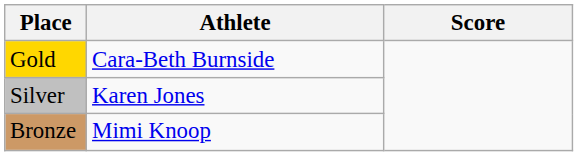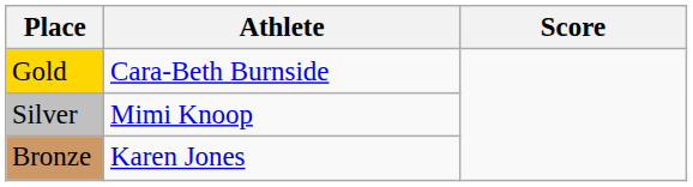 <table class="wikitable">
 <tr>
 <th width="50">Place</th>
 <th width="200">Athlete</th>
 <th width="125">Score</th>
 </tr>
 <tr>
 <td style="background:gold;">Gold</td>
 <td><a href='#'>Cara-Beth Burnside</a></td>
 </tr>
 <tr>
 <td style="background:silver;">Silver</td>
-<td><a href='#'>Karen Jones</a></td>
+<td><a href='#'>Mimi Knoop</a></td>
 </tr>
 <tr>
 <td style="background:#CC9966;">Bronze</td>
-<td><a href='#'>Mimi Knoop</a></td>
+<td><a href='#'>Karen Jones</a></td>
 </tr>
 </table>
